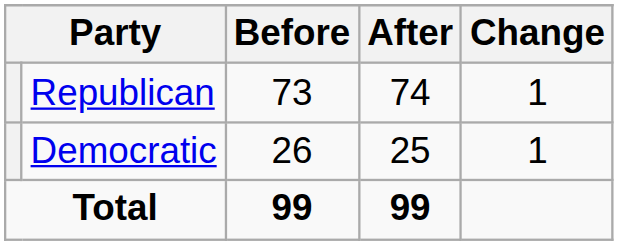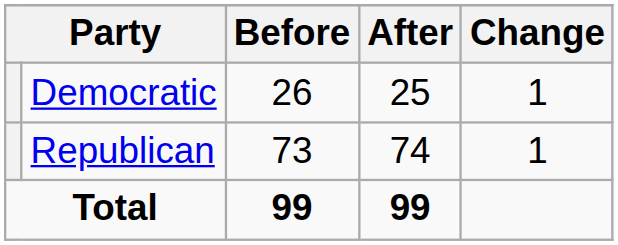 <table class="wikitable" style="text-align:center;">
 <tr>
 </tr>
 <tr>
 <th colspan=2>Party</th>
 <th>Before</th>
 <th>After</th>
 <th>Change</th>
 </tr>
 <tr>
 <th style="background-color:"></th>
-<td style="text-align:left;"><a href='#'>Republican</a></td>
-<td>73</td>
-<td>74</td>
+<td style="text-align:left;"><a href='#'>Democratic</a></td>
+<td>26</td>
+<td>25</td>
 <td> 1</td>
 </tr>
 <tr>
 <th style="background-color:"></th>
-<td style="text-align:left;"><a href='#'>Democratic</a></td>
-<td>26</td>
-<td>25</td>
+<td style="text-align:left;"><a href='#'>Republican</a></td>
+<td>73</td>
+<td>74</td>
 <td> 1</td>
 </tr>
 <tr>
 <td colspan=2><strong>Total</strong></td>
 <td><strong>99</strong></td>
 <td><strong>99</strong></td>
 <td></td>
 </tr>
 </table>
